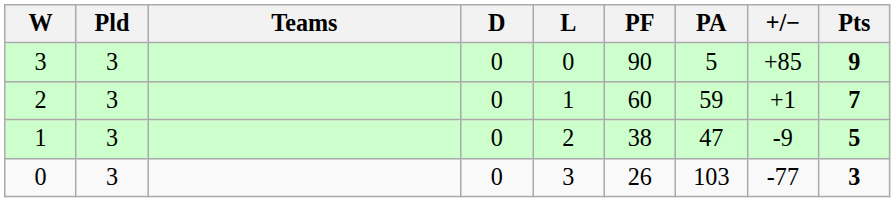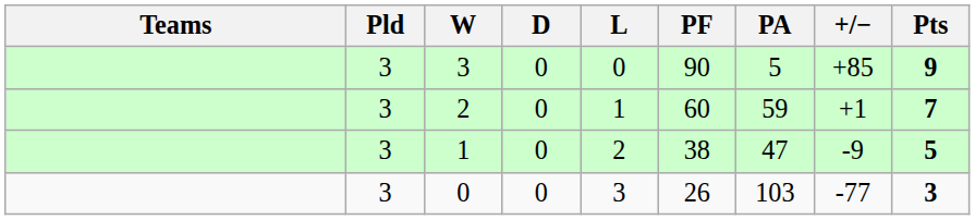 <table class="wikitable" style="text-align: center;">
 <tr>
+<th width="200">Teams</th>
+<th width="40">Pld</th>
 <th width="40">W</th>
-<th width="40">Pld</th>
-<th width="200">Teams</th>
 <th width="40">D</th>
 <th width="40">L</th>
 <th width="40">PF</th>
 <th width="40">PA</th>
 <th width="40">+/−</th>
 <th width="40">Pts</th>
 </tr>
 <tr bgcolor=#ccffcc>
+<td align=left></td>
 <td>3</td>
 <td>3</td>
-<td align=left></td>
 <td>0</td>
 <td>0</td>
 <td>90</td>
 <td>5</td>
 <td>+85</td>
 <td><strong>9</strong></td>
 </tr>
 <tr bgcolor=#ccffcc>
+<td align=left></td>
+<td>3</td>
 <td>2</td>
-<td>3</td>
-<td align=left></td>
 <td>0</td>
 <td>1</td>
 <td>60</td>
 <td>59</td>
 <td>+1</td>
 <td><strong>7</strong></td>
 </tr>
 <tr bgcolor=#ccffcc>
+<td align=left></td>
+<td>3</td>
 <td>1</td>
-<td>3</td>
-<td align=left></td>
 <td>0</td>
 <td>2</td>
 <td>38</td>
 <td>47</td>
 <td>-9</td>
 <td><strong>5</strong></td>
 </tr>
 <tr>
+<td align=left></td>
+<td>3</td>
 <td>0</td>
-<td>3</td>
-<td align=left></td>
 <td>0</td>
 <td>3</td>
 <td>26</td>
 <td>103</td>
 <td>-77</td>
 <td><strong>3</strong></td>
 </tr>
 </table>
